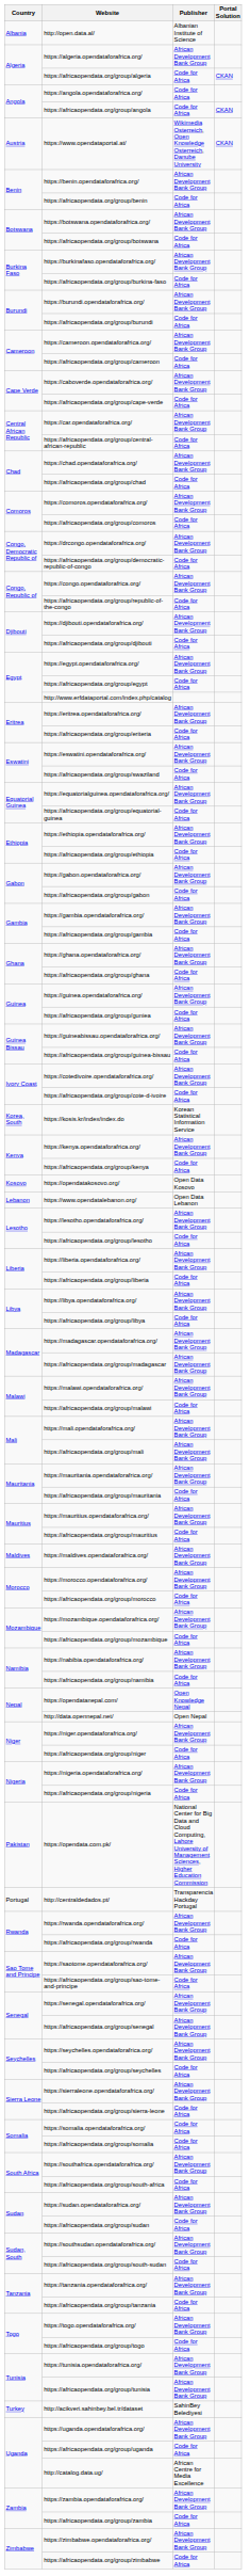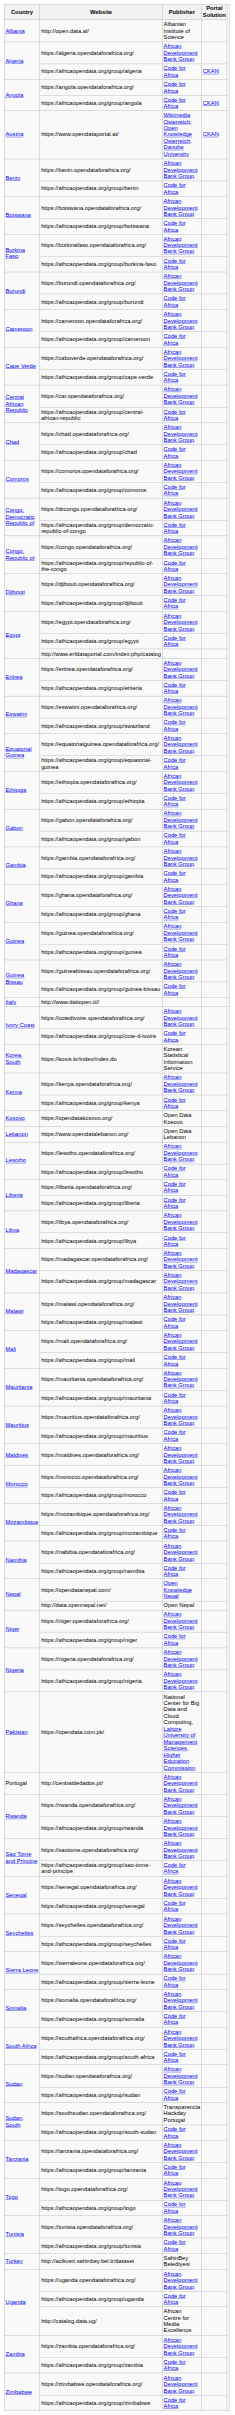 <table class="wikitable">
 <tr>
 <th>Country</th>
 <th>Website</th>
 <th>Publisher</th>
 <th>Portal Solution</th>
 </tr>
 <tr>
 <td><a href='#'>Albania</a></td>
 <td>http://open.data.al/</td>
 <td>Albanian Institute of Science</td>
 <td></td>
 </tr>
 <tr>
 <td rowspan="2"><a href='#'>Algeria</a></td>
 <td>https://algeria.opendataforafrica.org/</td>
 <td><a href='#'>African Development Bank Group</a></td>
 <td></td>
 </tr>
 <tr>
 <td>https://africaopendata.org/group/algeria</td>
 <td><a href='#'>Code for Africa</a></td>
 <td><a href='#'>CKAN</a></td>
 </tr>
 <tr>
 <td rowspan="2"><a href='#'>Angola</a></td>
 <td>https://angola.opendataforafrica.org/</td>
 <td><a href='#'>Code for Africa</a></td>
 <td></td>
 </tr>
 <tr>
 <td>https://africaopendata.org/group/angola</td>
 <td><a href='#'>Code for Africa</a></td>
 <td><a href='#'>CKAN</a></td>
 </tr>
 <tr>
 <td><a href='#'>Austria</a></td>
 <td>https://www.opendataportal.at/</td>
 <td><a href='#'>Wikimedia Osterreich</a>, <a href='#'>Open Knowledge Osterreich</a>, <a href='#'>Danube University</a></td>
 <td><a href='#'>CKAN</a></td>
 </tr>
 <tr>
 <td rowspan="2"><a href='#'>Benin</a></td>
 <td>https://benin.opendataforafrica.org/</td>
 <td><a href='#'>African Development Bank Group</a></td>
 <td></td>
 </tr>
 <tr>
 <td>https://africaopendata.org/group/benin</td>
 <td><a href='#'>Code for Africa</a></td>
 <td></td>
 </tr>
 <tr>
 <td rowspan="2"><a href='#'>Botswana</a></td>
 <td>https://botswana.opendataforafrica.org/</td>
 <td><a href='#'>African Development Bank Group</a></td>
 <td></td>
 </tr>
 <tr>
 <td>https://africaopendata.org/group/botswana</td>
 <td><a href='#'>Code for Africa</a></td>
 <td></td>
 </tr>
 <tr>
 <td rowspan="2"><a href='#'>Burkina Faso</a></td>
 <td>https://burkinafaso.opendataforafrica.org/</td>
 <td><a href='#'>African Development Bank Group</a></td>
 <td></td>
 </tr>
 <tr>
 <td>https://africaopendata.org/group/burkina-faso</td>
 <td><a href='#'>Code for Africa</a></td>
 <td></td>
 </tr>
 <tr>
 <td rowspan="2"><a href='#'>Burundi</a></td>
 <td>https://burundi.opendataforafrica.org/</td>
 <td><a href='#'>African Development Bank Group</a></td>
 <td></td>
 </tr>
 <tr>
 <td>https://africaopendata.org/group/burundi</td>
 <td><a href='#'>Code for Africa</a></td>
 <td></td>
 </tr>
 <tr>
 <td rowspan="2"><a href='#'>Cameroon</a></td>
 <td>https://cameroon.opendataforafrica.org/</td>
 <td><a href='#'>African Development Bank Group</a></td>
 <td></td>
 </tr>
 <tr>
 <td>https://africaopendata.org/group/cameroon</td>
 <td><a href='#'>Code for Africa</a></td>
 <td></td>
 </tr>
 <tr>
 <td rowspan="2"><a href='#'>Cape Verde</a></td>
 <td>https://caboverde.opendataforafrica.org/</td>
 <td><a href='#'>African Development Bank Group</a></td>
 <td></td>
 </tr>
 <tr>
 <td>https://africaopendata.org/group/cape-verde</td>
 <td><a href='#'>Code for Africa</a></td>
 <td></td>
 </tr>
 <tr>
 <td rowspan="2"><a href='#'>Central African Republic</a></td>
 <td>https://car.opendataforafrica.org/</td>
 <td><a href='#'>African Development Bank Group</a></td>
 <td></td>
 </tr>
 <tr>
 <td>https://africaopendata.org/group/central-african-republic</td>
 <td><a href='#'>Code for Africa</a></td>
 <td></td>
 </tr>
 <tr>
 <td rowspan="2"><a href='#'>Chad</a></td>
 <td>https://chad.opendataforafrica.org/</td>
 <td><a href='#'>African Development Bank Group</a></td>
 <td></td>
 </tr>
 <tr>
 <td>https://africaopendata.org/group/chad</td>
 <td><a href='#'>Code for Africa</a></td>
 <td></td>
 </tr>
 <tr>
 <td rowspan="2"><a href='#'>Comoros</a></td>
 <td>https://comoros.opendataforafrica.org/</td>
 <td><a href='#'>African Development Bank Group</a></td>
 <td></td>
 </tr>
 <tr>
 <td>https://africaopendata.org/group/comoros</td>
 <td><a href='#'>Code for Africa</a></td>
 <td></td>
 </tr>
 <tr>
 <td rowspan="2"><a href='#'>Congo, Democratic Republic of</a></td>
 <td>https://drcongo.opendataforafrica.org/</td>
 <td><a href='#'>African Development Bank Group</a></td>
 <td></td>
 </tr>
 <tr>
 <td>https://africaopendata.org/group/democratic-republic-of-congo</td>
 <td><a href='#'>Code for Africa</a></td>
 <td></td>
 </tr>
 <tr>
 <td rowspan="2"><a href='#'>Congo, Republic of</a></td>
 <td>https://congo.opendataforafrica.org/</td>
 <td><a href='#'>African Development Bank Group</a></td>
 <td></td>
 </tr>
 <tr>
 <td>https://africaopendata.org/group/republic-of-the-congo</td>
 <td><a href='#'>Code for Africa</a></td>
 <td></td>
 </tr>
 <tr>
 <td rowspan="2"><a href='#'>Djibouti</a></td>
 <td>https://djibouti.opendataforafrica.org/</td>
 <td><a href='#'>African Development Bank Group</a></td>
 <td></td>
 </tr>
 <tr>
 <td>https://africaopendata.org/group/djibouti</td>
 <td><a href='#'>Code for Africa</a></td>
 <td></td>
 </tr>
 <tr>
 <td rowspan="3"><a href='#'>Egypt</a></td>
 <td>https://egypt.opendataforafrica.org/</td>
 <td><a href='#'>African Development Bank Group</a></td>
 <td></td>
 </tr>
 <tr>
 <td>https://africaopendata.org/group/egypt</td>
 <td><a href='#'>Code for Africa</a></td>
 <td></td>
 </tr>
 <tr>
 <td>http://www.erfdataportal.com/index.php/catalog</td>
 <td></td>
 <td></td>
 </tr>
 <tr>
 <td rowspan="2"><a href='#'>Eritrea</a></td>
 <td>https://eritrea.opendataforafrica.org/</td>
 <td><a href='#'>African Development Bank Group</a></td>
 <td></td>
 </tr>
 <tr>
 <td>https://africaopendata.org/group/eriteria</td>
 <td><a href='#'>Code for Africa</a></td>
 <td></td>
 </tr>
 <tr>
 <td rowspan="2"><a href='#'>Eswatini</a></td>
 <td>https://eswatini.opendataforafrica.org/</td>
 <td><a href='#'>African Development Bank Group</a></td>
 <td></td>
 </tr>
 <tr>
 <td>https://africaopendata.org/group/swaziland</td>
 <td><a href='#'>Code for Africa</a></td>
 <td></td>
 </tr>
 <tr>
 <td rowspan="2"><a href='#'>Equatorial Guinea</a></td>
 <td>https://equatorialguinea.opendataforafrica.org/</td>
 <td><a href='#'>African Development Bank Group</a></td>
 <td></td>
 </tr>
 <tr>
 <td>https://africaopendata.org/group/equatorial-guinea</td>
 <td><a href='#'>Code for Africa</a></td>
 <td></td>
 </tr>
 <tr>
 <td rowspan="2"><a href='#'>Ethiopia</a></td>
 <td>https://ethiopia.opendataforafrica.org/</td>
 <td><a href='#'>African Development Bank Group</a></td>
 <td></td>
 </tr>
 <tr>
 <td>https://africaopendata.org/group/ethiopia</td>
 <td><a href='#'>Code for Africa</a></td>
 <td></td>
 </tr>
 <tr>
 <td rowspan="2"><a href='#'>Gabon</a></td>
 <td>https://gabon.opendataforafrica.org/</td>
 <td><a href='#'>African Development Bank Group</a></td>
 <td></td>
 </tr>
 <tr>
 <td>https://africaopendata.org/group/gabon</td>
 <td><a href='#'>Code for Africa</a></td>
 <td></td>
 </tr>
 <tr>
 <td rowspan="2"><a href='#'>Gambia</a></td>
 <td>https://gambia.opendataforafrica.org/</td>
 <td><a href='#'>African Development Bank Group</a></td>
 <td></td>
 </tr>
 <tr>
 <td>https://africaopendata.org/group/gambia</td>
 <td><a href='#'>Code for Africa</a></td>
 <td></td>
 </tr>
 <tr>
 <td rowspan="2"><a href='#'>Ghana</a></td>
 <td>https://ghana.opendataforafrica.org/</td>
 <td><a href='#'>African Development Bank Group</a></td>
 <td></td>
 </tr>
 <tr>
 <td>https://africaopendata.org/group/ghana</td>
 <td><a href='#'>Code for Africa</a></td>
 <td></td>
 </tr>
 <tr>
 <td rowspan="2"><a href='#'>Guinea</a></td>
 <td>https://guinea.opendataforafrica.org/</td>
 <td><a href='#'>African Development Bank Group</a></td>
 <td></td>
 </tr>
 <tr>
 <td>https://africaopendata.org/group/guniea</td>
 <td><a href='#'>Code for Africa</a></td>
 <td></td>
 </tr>
 <tr>
 <td rowspan="2"><a href='#'>Guinea Bissau</a></td>
 <td>https://guineabissau.opendataforafrica.org/</td>
 <td><a href='#'>African Development Bank Group</a></td>
 <td></td>
 </tr>
 <tr>
 <td>https://africaopendata.org/group/guinea-bissau</td>
 <td><a href='#'>Code for Africa</a></td>
 <td></td>
 </tr>
 <tr>
+<td><a href='#'>Italy</a></td>
+<td>http://www.datiopen.it//</td>
+<td></td>
+<td></td>
+<td></td>
+</tr>
+<tr>
 <td rowspan="2"><a href='#'>Ivory Coast</a></td>
 <td>https://cotedivoire.opendataforafrica.org/</td>
 <td><a href='#'>African Development Bank Group</a></td>
 <td></td>
 </tr>
 <tr>
 <td>https://africaopendata.org/group/cote-d-ivoire</td>
 <td><a href='#'>Code for Africa</a></td>
 <td></td>
 </tr>
 <tr>
 <td><a href='#'>Korea, South</a></td>
 <td>https://kosis.kr/index/index.do</td>
 <td>Korean Statistical Information Service</td>
 <td></td>
 </tr>
 <tr>
 <td rowspan="2"><a href='#'>Kenya</a></td>
 <td>https://kenya.opendataforafrica.org/</td>
 <td><a href='#'>African Development Bank Group</a></td>
 <td></td>
 </tr>
 <tr>
 <td>https://africaopendata.org/group/kenya</td>
 <td><a href='#'>Code for Africa</a></td>
 <td></td>
 </tr>
 <tr>
 <td><a href='#'>Kosovo</a></td>
 <td>https://opendatakosovo.org/</td>
 <td>Open Data Kosovo</td>
 <td></td>
 </tr>
 <tr>
 <td><a href='#'>Lebanon</a></td>
 <td>https://www.opendatalebanon.org/</td>
 <td>Open Data Lebanon</td>
 <td></td>
 </tr>
 <tr>
 <td rowspan="2"><a href='#'>Lesotho</a></td>
 <td>https://lesotho.opendataforafrica.org/</td>
 <td><a href='#'>African Development Bank Group</a></td>
 <td></td>
 </tr>
 <tr>
 <td>https://africaopendata.org/group/lesotho</td>
 <td><a href='#'>Code for Africa</a></td>
 <td></td>
 </tr>
 <tr>
 <td rowspan="2"><a href='#'>Liberia</a></td>
 <td>https://liberia.opendataforafrica.org/</td>
-<td><a href='#'>African Development Bank Group</a></td>
+<td><a href='#'>Code for Africa</a></td>
 <td></td>
 </tr>
 <tr>
 <td>https://africaopendata.org/group/liberia</td>
 <td><a href='#'>Code for Africa</a></td>
 <td></td>
 </tr>
 <tr>
 <td rowspan="2"><a href='#'>Libya</a></td>
 <td>https://libya.opendataforafrica.org/</td>
 <td><a href='#'>African Development Bank Group</a></td>
 <td></td>
 </tr>
 <tr>
 <td>https://africaopendata.org/group/libya</td>
 <td><a href='#'>Code for Africa</a></td>
 <td></td>
 </tr>
 <tr>
 <td rowspan="2"><a href='#'>Madagascar</a></td>
 <td>https://madagascar.opendataforafrica.org/</td>
 <td><a href='#'>African Development Bank Group</a></td>
 <td></td>
 </tr>
 <tr>
 <td>https://africaopendata.org/group/madagascar</td>
 <td><a href='#'>African Development Bank Group</a></td>
 <td></td>
 </tr>
 <tr>
 <td rowspan="2"><a href='#'>Malawi</a></td>
 <td>https://malawi.opendataforafrica.org/</td>
 <td><a href='#'>African Development Bank Group</a></td>
 <td></td>
 </tr>
 <tr>
 <td>https://africaopendata.org/group/malawi</td>
 <td><a href='#'>Code for Africa</a></td>
 <td></td>
 </tr>
 <tr>
 <td rowspan="2"><a href='#'>Mali</a></td>
 <td>https://mali.opendataforafrica.org/</td>
 <td><a href='#'>African Development Bank Group</a></td>
 <td></td>
 </tr>
 <tr>
 <td>https://africaopendata.org/group/mali</td>
-<td><a href='#'>African Development Bank Group</a></td>
+<td><a href='#'>Code for Africa</a></td>
 <td></td>
 </tr>
 <tr>
 <td rowspan="2"><a href='#'>Mauritania</a></td>
 <td>https://mauritania.opendataforafrica.org/</td>
 <td><a href='#'>African Development Bank Group</a></td>
 <td></td>
 </tr>
 <tr>
 <td>https://africaopendata.org/group/mauritania</td>
 <td><a href='#'>Code for Africa</a></td>
 <td></td>
 </tr>
 <tr>
 <td rowspan="2"><a href='#'>Mauritius</a></td>
 <td>https://mauritius.opendataforafrica.org/</td>
 <td><a href='#'>African Development Bank Group</a></td>
 <td></td>
 </tr>
 <tr>
 <td>https://africaopendata.org/group/mauritius</td>
 <td><a href='#'>Code for Africa</a></td>
 <td></td>
 </tr>
 <tr>
 <td><a href='#'>Maldives</a></td>
 <td>https://maldives.opendataforafrica.org/</td>
 <td><a href='#'>African Development Bank Group</a></td>
 <td></td>
 </tr>
 <tr>
 <td rowspan="2"><a href='#'>Morocco</a></td>
 <td>https://morocco.opendataforafrica.org/</td>
 <td><a href='#'>African Development Bank Group</a></td>
 <td></td>
 </tr>
 <tr>
 <td>https://africaopendata.org/group/morocco</td>
 <td><a href='#'>Code for Africa</a></td>
 <td></td>
 </tr>
 <tr>
 <td rowspan="2"><a href='#'>Mozambique</a></td>
 <td>https://mozambique.opendataforafrica.org/</td>
 <td><a href='#'>African Development Bank Group</a></td>
 <td></td>
 </tr>
 <tr>
 <td>https://africaopendata.org/group/mozambique</td>
 <td><a href='#'>Code for Africa</a></td>
 <td></td>
 </tr>
 <tr>
 <td rowspan="2"><a href='#'>Namibia</a></td>
 <td>https://nabibia.opendataforafrica.org/</td>
 <td><a href='#'>African Development Bank Group</a></td>
 <td></td>
 </tr>
 <tr>
 <td>https://africaopendata.org/group/namibia</td>
 <td><a href='#'>Code for Africa</a></td>
 <td></td>
 </tr>
 <tr>
 <td rowspan="2"><a href='#'>Nepal</a></td>
 <td>https://opendatanepal.com/</td>
 <td><a href='#'>Open Knowledge Nepal</a></td>
 <td></td>
 </tr>
 <tr>
 <td>http://data.opennepal.net/</td>
 <td>Open Nepal</td>
 <td></td>
 </tr>
 <tr>
 <td rowspan="2"><a href='#'>Niger</a></td>
 <td>https://niger.opendataforafrica.org/</td>
 <td><a href='#'>African Development Bank Group</a></td>
 <td></td>
 </tr>
 <tr>
 <td>https://africaopendata.org/group/niger</td>
 <td><a href='#'>Code for Africa</a></td>
 <td></td>
 </tr>
 <tr>
 <td rowspan="2"><a href='#'>Nigeria</a></td>
 <td>https://nigeria.opendataforafrica.org/</td>
 <td><a href='#'>African Development Bank Group</a></td>
 <td></td>
 </tr>
 <tr>
 <td>https://africaopendata.org/group/nigeria</td>
-<td><a href='#'>Code for Africa</a></td>
+<td><a href='#'>African Development Bank Group</a></td>
 <td></td>
 </tr>
 <tr>
 <td><a href='#'>Pakistan</a></td>
 <td>https://opendata.com.pk/</td>
 <td>National Center for Big Data and Cloud Computing, <a href='#'>Lahore University of Management Sciences</a>, <a href='#'>Higher Education Commission</a></td>
 <td></td>
 </tr>
 <tr>
 <td>Portugal</td>
 <td>http://centraldedados.pt/</td>
-<td>Transparencia Hackday Portugal</td>
+<td><a href='#'>African Development Bank Group</a></td>
 <td></td>
 </tr>
 <tr>
 <td rowspan="2"><a href='#'>Rwanda</a></td>
 <td>https://rwanda.opendataforafrica.org/</td>
 <td><a href='#'>African Development Bank Group</a></td>
 <td></td>
 </tr>
 <tr>
 <td>https://africaopendata.org/group/rwanda</td>
-<td><a href='#'>Code for Africa</a></td>
+<td><a href='#'>African Development Bank Group</a></td>
 <td></td>
 </tr>
 <tr>
 <td rowspan="2"><a href='#'>Sao Tome and Principe</a></td>
 <td>https://saotome.opendataforafrica.org/</td>
 <td><a href='#'>African Development Bank Group</a></td>
 <td></td>
 </tr>
 <tr>
 <td>https://africaopendata.org/group/sao-tome-and-principe</td>
 <td><a href='#'>Code for Africa</a></td>
 <td></td>
 </tr>
 <tr>
 <td rowspan="2"><a href='#'>Senegal</a></td>
 <td>https://senegal.opendataforafrica.org/</td>
 <td><a href='#'>African Development Bank Group</a></td>
 <td></td>
 </tr>
 <tr>
 <td>https://africaopendata.org/group/senegal</td>
-<td><a href='#'>African Development Bank Group</a></td>
+<td><a href='#'>Code for Africa</a></td>
 <td></td>
 </tr>
 <tr>
 <td rowspan="2"><a href='#'>Seychelles</a></td>
 <td>https://seychelles.opendataforafrica.org/</td>
 <td><a href='#'>African Development Bank Group</a></td>
 <td></td>
 </tr>
 <tr>
 <td>https://africaopendata.org/group/seychelles</td>
 <td><a href='#'>Code for Africa</a></td>
 <td></td>
 </tr>
 <tr>
 <td rowspan="2"><a href='#'>Sierra Leone</a></td>
 <td>https://sierraleone.opendataforafrica.org/</td>
 <td><a href='#'>African Development Bank Group</a></td>
 <td></td>
 </tr>
 <tr>
 <td>https://africaopendata.org/group/sierra-leone</td>
 <td><a href='#'>Code for Africa</a></td>
 <td></td>
 </tr>
 <tr>
 <td rowspan="2"><a href='#'>Somalia</a></td>
 <td>https://somalia.opendataforafrica.org/</td>
-<td><a href='#'>Code for Africa</a></td>
+<td><a href='#'>African Development Bank Group</a></td>
 <td></td>
 </tr>
 <tr>
 <td>https://africaopendata.org/group/somalia</td>
 <td><a href='#'>Code for Africa</a></td>
 <td></td>
 </tr>
 <tr>
 <td rowspan="2"><a href='#'>South Africa</a></td>
 <td>https://southafrica.opendataforafrica.org/</td>
 <td><a href='#'>African Development Bank Group</a></td>
 <td></td>
 </tr>
 <tr>
 <td>https://africaopendata.org/group/south-africa</td>
 <td><a href='#'>Code for Africa</a></td>
 <td></td>
 </tr>
 <tr>
 <td rowspan="2"><a href='#'>Sudan</a></td>
 <td>https://sudan.opendataforafrica.org/</td>
 <td><a href='#'>African Development Bank Group</a></td>
 <td></td>
 </tr>
 <tr>
 <td>https://africaopendata.org/group/sudan</td>
 <td><a href='#'>Code for Africa</a></td>
 <td></td>
 </tr>
 <tr>
 <td rowspan="2"><a href='#'>Sudan, South</a></td>
 <td>https://southsudan.opendataforafrica.org/</td>
-<td><a href='#'>African Development Bank Group</a></td>
+<td>Transparencia Hackday Portugal</td>
 <td></td>
 </tr>
 <tr>
 <td>https://africaopendata.org/group/south-sudan</td>
 <td><a href='#'>Code for Africa</a></td>
 <td></td>
 </tr>
 <tr>
 <td rowspan="2"><a href='#'>Tanzania</a></td>
 <td>https://tanzania.opendataforafrica.org/</td>
 <td><a href='#'>African Development Bank Group</a></td>
 <td></td>
 </tr>
 <tr>
 <td>https://africaopendata.org/group/tanzania</td>
 <td><a href='#'>Code for Africa</a></td>
 <td></td>
 </tr>
 <tr>
 <td rowspan="2"><a href='#'>Togo</a></td>
 <td>https://togo.opendataforafrica.org/</td>
 <td><a href='#'>African Development Bank Group</a></td>
 <td></td>
 </tr>
 <tr>
 <td>https://africaopendata.org/group/togo</td>
 <td><a href='#'>Code for Africa</a></td>
 <td></td>
 </tr>
 <tr>
 <td rowspan="2"><a href='#'>Tunisia</a></td>
 <td>https://tunisia.opendataforafrica.org/</td>
 <td><a href='#'>African Development Bank Group</a></td>
 <td></td>
 </tr>
 <tr>
 <td>https://africaopendata.org/group/tunisia</td>
-<td><a href='#'>African Development Bank Group</a></td>
+<td><a href='#'>Code for Africa</a></td>
 <td></td>
 </tr>
 <tr>
 <td><a href='#'>Turkey</a></td>
 <td>http://acikveri.sahinbey.bel.tr/dataset</td>
 <td>SahinBey Belediyesi</td>
 <td></td>
 </tr>
 <tr>
 <td rowspan="3"><a href='#'>Uganda</a></td>
 <td>https://uganda.opendataforafrica.org/</td>
 <td><a href='#'>African Development Bank Group</a></td>
 <td></td>
 </tr>
 <tr>
 <td>https://africaopendata.org/group/uganda</td>
 <td><a href='#'>Code for Africa</a></td>
 <td></td>
 </tr>
 <tr>
 <td>http://catalog.data.ug/</td>
 <td>African Centre for Media Excellence</td>
 <td></td>
 </tr>
 <tr>
 <td rowspan="2"><a href='#'>Zambia</a></td>
 <td>https://zambia.opendataforafrica.org/</td>
 <td><a href='#'>African Development Bank Group</a></td>
 <td></td>
 </tr>
 <tr>
 <td>https://africaopendata.org/group/zambia</td>
 <td><a href='#'>Code for Africa</a></td>
 <td></td>
 </tr>
 <tr>
 <td rowspan="2"><a href='#'>Zimbabwe</a></td>
 <td>https://zimbabwe.opendataforafrica.org/</td>
 <td><a href='#'>African Development Bank Group</a></td>
 <td></td>
 </tr>
 <tr>
 <td>https://africaopendata.org/group/zimbabwe</td>
 <td><a href='#'>Code for Africa</a></td>
 <td></td>
 </tr>
 </table>
